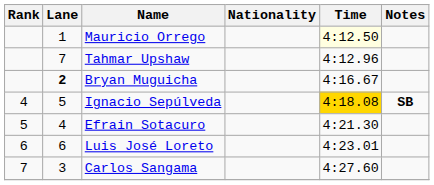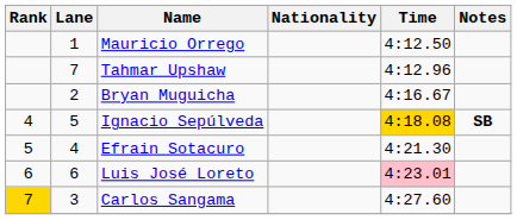 <table class="wikitable sortable" style="text-align:center">
 <tr>
 <th>Rank</th>
 <th>Lane</th>
 <th>Name</th>
 <th>Nationality</th>
 <th>Time</th>
 <th>Notes</th>
 </tr>
 <tr>
 <td></td>
 <td>1</td>
 <td align=left><a href='#'>Mauricio Orrego</a></td>
 <td align=left></td>
-<td style="background: lightyellow;">4:12.50</td>
+<td>4:12.50</td>
 <td></td>
 </tr>
 <tr>
 <td></td>
 <td>7</td>
 <td align=left><a href='#'>Tahmar Upshaw</a></td>
 <td align=left></td>
 <td>4:12.96</td>
 <td></td>
 </tr>
 <tr>
 <td></td>
-<td><strong>2</strong></td>
+<td>2</td>
 <td align=left><a href='#'>Bryan Muguicha</a></td>
 <td align=left></td>
 <td>4:16.67</td>
 <td></td>
 </tr>
 <tr>
 <td>4</td>
 <td>5</td>
 <td align=left><a href='#'>Ignacio Sepúlveda</a></td>
 <td align=left></td>
 <td style="background: gold;">4:18.08</td>
 <td><strong>SB</strong></td>
 </tr>
 <tr>
 <td>5</td>
 <td>4</td>
 <td align=left><a href='#'>Efrain Sotacuro</a></td>
 <td align=left></td>
 <td>4:21.30</td>
 <td></td>
 </tr>
 <tr>
 <td>6</td>
 <td>6</td>
 <td align=left><a href='#'>Luis José Loreto</a></td>
 <td align=left></td>
-<td>4:23.01</td>
+<td style="background: pink;">4:23.01</td>
 <td></td>
 </tr>
 <tr>
-<td>7</td>
+<td style="background: gold;">7</td>
 <td>3</td>
 <td align=left><a href='#'>Carlos Sangama</a></td>
 <td align=left></td>
 <td>4:27.60</td>
 <td></td>
 </tr>
 <tr>
 </tr>
 </table>
